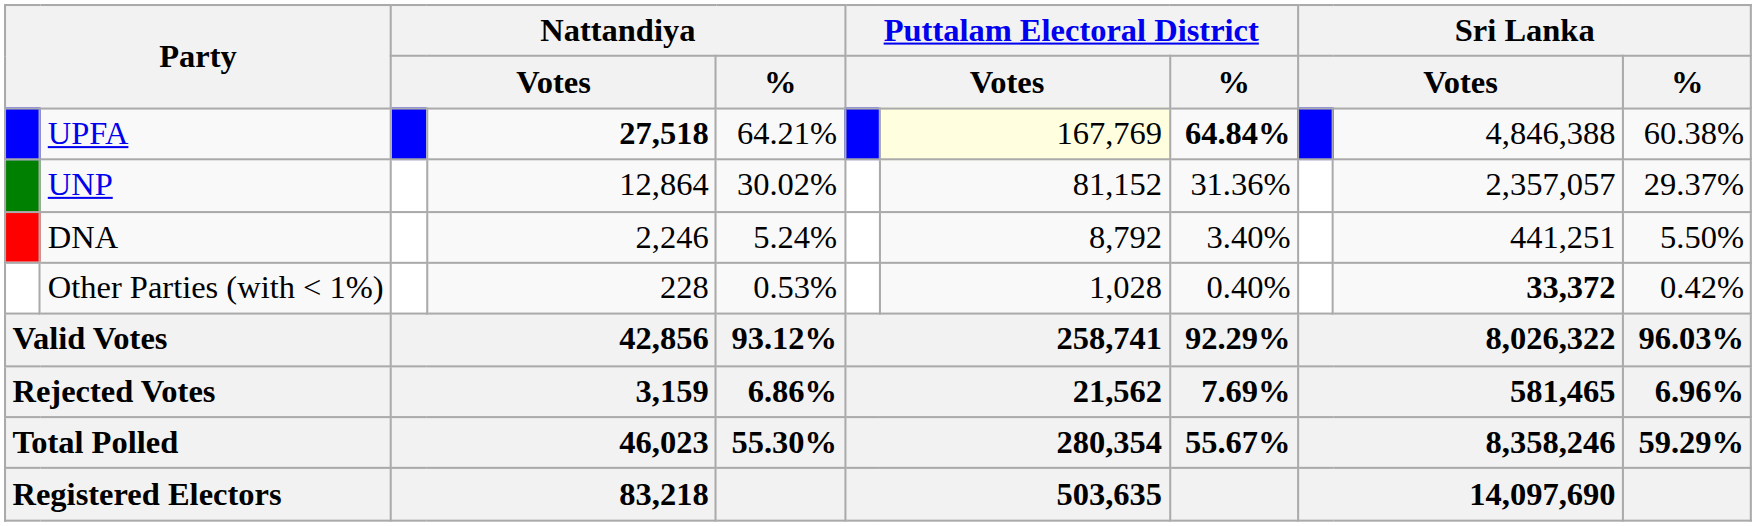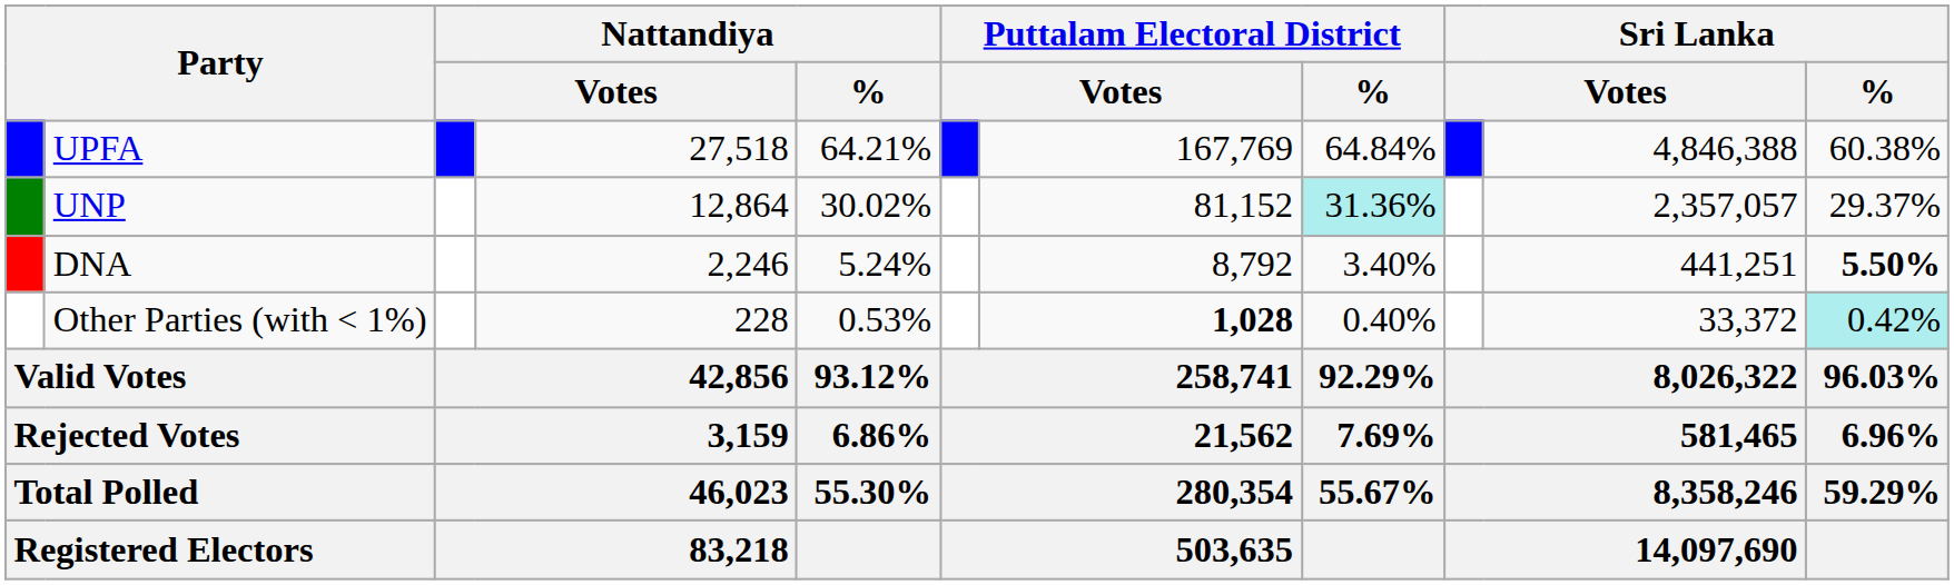 <table class="wikitable">
 <tr>
 <th colspan="2" width="144px"rowspan="2">Party</th>
 <th colspan="3" width="216px">Nattandiya</th>
 <th colspan="3" width="216px"><a href='#'>Puttalam Electoral District</a></th>
 <th colspan="3" width="216px">Sri Lanka</th>
 </tr>
 <tr>
 <th colspan="2" width="144px">Votes</th>
 <th>%</th>
 <th colspan="2" width="144px">Votes</th>
 <th>%</th>
 <th colspan="2" width="144px">Votes</th>
 <th>%</th>
 </tr>
 <tr>
 <td style="background-color:blue;" width="10px"></td>
 <td style="text-align:left;"><a href='#'>UPFA</a></td>
 <td style="background-color:blue;" width="10px"></td>
-<td style="text-align:right;"><strong>27,518</strong></td>
+<td style="text-align:right;">27,518</td>
 <td style="text-align:right;">64.21%</td>
 <td style="background-color:blue;" width="10px"></td>
-<td style="background: lightyellow; text-align:right;">167,769</td>
-<td style="text-align:right;"><strong>64.84%</strong></td>
+<td style="text-align:right;">167,769</td>
+<td style="text-align:right;">64.84%</td>
 <td style="background-color:blue;" width="10px"></td>
 <td style="text-align:right;">4,846,388</td>
 <td style="text-align:right;">60.38%</td>
 </tr>
 <tr>
 <td style="background-color:green;" width="10px"></td>
 <td style="text-align:left;"><a href='#'>UNP</a></td>
 <td style="background-color:white;" width="10px"></td>
 <td style="text-align:right;">12,864</td>
 <td style="text-align:right;">30.02%</td>
 <td style="background-color:white;" width="10px"></td>
 <td style="text-align:right;">81,152</td>
-<td style="text-align:right;">31.36%</td>
+<td style="background: paleturquoise; text-align:right;">31.36%</td>
 <td style="background-color:white;" width="10px"></td>
 <td style="text-align:right;">2,357,057</td>
 <td style="text-align:right;">29.37%</td>
 </tr>
 <tr>
 <td style="background-color:red;" width="10px"></td>
 <td style="text-align:left;">DNA</td>
 <td style="background-color:white;" width="10px"></td>
 <td style="text-align:right;">2,246</td>
 <td style="text-align:right;">5.24%</td>
 <td style="background-color:white;" width="10px"></td>
 <td style="text-align:right;">8,792</td>
 <td style="text-align:right;">3.40%</td>
 <td style="background-color:white;" width="10px"></td>
 <td style="text-align:right;">441,251</td>
-<td style="text-align:right;">5.50%</td>
+<td style="text-align:right;"><strong>5.50%</strong></td>
 </tr>
 <tr>
 <td style="background-color:white;" width="10px"></td>
 <td style="text-align:left;">Other Parties (with < 1%)</td>
 <td style="background-color:white;" width="10px"></td>
 <td style="text-align:right;">228</td>
 <td style="text-align:right;">0.53%</td>
 <td style="background-color:white;" width="10px"></td>
-<td style="text-align:right;">1,028</td>
+<td style="text-align:right;"><strong>1,028</strong></td>
 <td style="text-align:right;">0.40%</td>
 <td style="background-color:white;" width="10px"></td>
-<td style="text-align:right;"><strong>33,372</strong></td>
-<td style="text-align:right;">0.42%</td>
+<td style="text-align:right;">33,372</td>
+<td style="background: paleturquoise; text-align:right;">0.42%</td>
 </tr>
 <tr>
 <th colspan="2" width="144px"style="text-align:left;">Valid Votes</th>
 <th style="text-align:right;"colspan="2" width="144px">42,856</th>
 <th style="text-align:right;">93.12%</th>
 <th style="text-align:right;"colspan="2" width="144px">258,741</th>
 <th style="text-align:right;">92.29%</th>
 <th style="text-align:right;"colspan="2" width="144px">8,026,322</th>
 <th style="text-align:right;">96.03%</th>
 </tr>
 <tr>
 <th colspan="2" width="144px"style="text-align:left;">Rejected Votes</th>
 <th style="text-align:right;"colspan="2" width="144px">3,159</th>
 <th style="text-align:right;">6.86%</th>
 <th style="text-align:right;"colspan="2" width="144px">21,562</th>
 <th style="text-align:right;">7.69%</th>
 <th style="text-align:right;"colspan="2" width="144px">581,465</th>
 <th style="text-align:right;">6.96%</th>
 </tr>
 <tr>
 <th colspan="2" width="144px"style="text-align:left;">Total Polled</th>
 <th style="text-align:right;"colspan="2" width="144px">46,023</th>
 <th style="text-align:right;">55.30%</th>
 <th style="text-align:right;"colspan="2" width="144px">280,354</th>
 <th style="text-align:right;">55.67%</th>
 <th style="text-align:right;"colspan="2" width="144px">8,358,246</th>
 <th style="text-align:right;">59.29%</th>
 </tr>
 <tr>
 <th colspan="2" width="144px"style="text-align:left;">Registered Electors</th>
 <th style="text-align:right;"colspan="2" width="144px">83,218</th>
 <th></th>
 <th style="text-align:right;"colspan="2" width="144px">503,635</th>
 <th></th>
 <th style="text-align:right;"colspan="2" width="144px">14,097,690</th>
 <th></th>
 </tr>
 </table>
